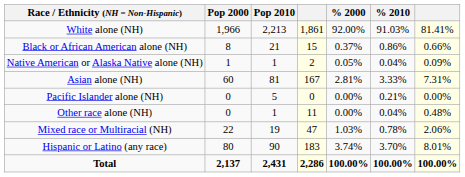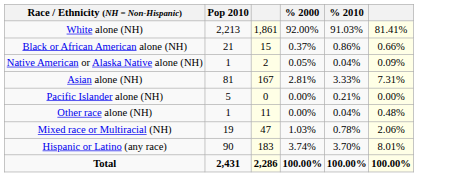 <table class="wikitable" style="text-align:center;">
 <tr>
 <th>Race / Ethnicity <small>(<em>NH = Non-Hispanic</em>)</small></th>
-<th>Pop 2000</th>
 <th>Pop 2010</th>
 <th></th>
 <th>% 2000</th>
 <th>% 2010</th>
 <th></th>
 </tr>
 <tr>
 <td><a href='#'>White</a> alone (NH)</td>
-<td>1,966</td>
 <td>2,213</td>
 <td style='background: #ffffe6;'>1,861</td>
 <td>92.00%</td>
 <td>91.03%</td>
 <td style='background: #ffffe6;'>81.41%</td>
 </tr>
 <tr>
 <td><a href='#'>Black or African American</a> alone (NH)</td>
-<td>8</td>
 <td>21</td>
 <td style='background: #ffffe6;'>15</td>
 <td>0.37%</td>
 <td>0.86%</td>
 <td style='background: #ffffe6;'>0.66%</td>
 </tr>
 <tr>
 <td><a href='#'>Native American</a> or <a href='#'>Alaska Native</a> alone (NH)</td>
 <td>1</td>
-<td>1</td>
 <td style='background: #ffffe6;'>2</td>
 <td>0.05%</td>
 <td>0.04%</td>
 <td style='background: #ffffe6;'>0.09%</td>
 </tr>
 <tr>
 <td><a href='#'>Asian</a> alone (NH)</td>
-<td>60</td>
 <td>81</td>
 <td style='background: #ffffe6;'>167</td>
 <td>2.81%</td>
 <td>3.33%</td>
 <td style='background: #ffffe6;'>7.31%</td>
 </tr>
 <tr>
 <td><a href='#'>Pacific Islander</a> alone (NH)</td>
-<td>0</td>
 <td>5</td>
 <td style='background: #ffffe6;'>0</td>
 <td>0.00%</td>
 <td>0.21%</td>
 <td style='background: #ffffe6;'>0.00%</td>
 </tr>
 <tr>
 <td><a href='#'>Other race</a> alone (NH)</td>
-<td>0</td>
 <td>1</td>
 <td style='background: #ffffe6;'>11</td>
 <td>0.00%</td>
 <td>0.04%</td>
 <td style='background: #ffffe6;'>0.48%</td>
 </tr>
 <tr>
 <td><a href='#'>Mixed race or Multiracial</a> (NH)</td>
-<td>22</td>
 <td>19</td>
 <td style='background: #ffffe6;'>47</td>
 <td>1.03%</td>
 <td>0.78%</td>
 <td style='background: #ffffe6;'>2.06%</td>
 </tr>
 <tr>
 <td><a href='#'>Hispanic or Latino</a> (any race)</td>
-<td>80</td>
 <td>90</td>
 <td style='background: #ffffe6;'>183</td>
 <td>3.74%</td>
 <td>3.70%</td>
 <td style='background: #ffffe6;'>8.01%</td>
 </tr>
 <tr>
 <td><strong>Total</strong></td>
-<td><strong>2,137</strong></td>
 <td><strong>2,431</strong></td>
 <td style='background: #ffffe6;'><strong>2,286</strong></td>
 <td><strong>100.00%</strong></td>
 <td><strong>100.00%</strong></td>
 <td style='background: #ffffe6;'><strong>100.00%</strong></td>
 </tr>
 </table>
